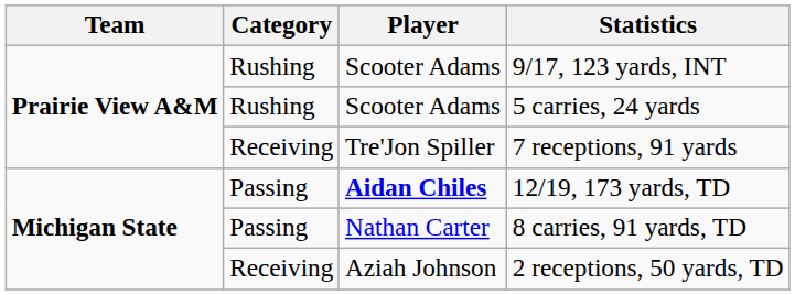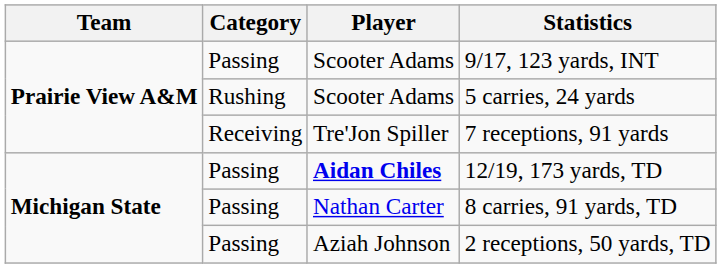 <table class="wikitable" style="float: right;">
 <tr>
 <th>Team</th>
 <th>Category</th>
 <th>Player</th>
 <th>Statistics</th>
 </tr>
 <tr>
 <td rowspan=3><strong>Prairie View A&M</strong></td>
-<td>Rushing</td>
+<td>Passing</td>
 <td>Scooter Adams</td>
 <td>9/17, 123 yards, INT</td>
 </tr>
 <tr>
 <td>Rushing</td>
 <td>Scooter Adams</td>
 <td>5 carries, 24 yards</td>
 </tr>
 <tr>
 <td>Receiving</td>
 <td>Tre'Jon Spiller</td>
 <td>7 receptions, 91 yards</td>
 </tr>
 <tr>
 <td rowspan=3><strong>Michigan State</strong></td>
 <td>Passing</td>
 <td><strong><a href='#'>Aidan Chiles</a></strong></td>
 <td>12/19, 173 yards, TD</td>
 </tr>
 <tr>
 <td>Passing</td>
 <td><a href='#'>Nathan Carter</a></td>
 <td>8 carries, 91 yards, TD</td>
 </tr>
 <tr>
-<td>Receiving</td>
+<td>Passing</td>
 <td>Aziah Johnson</td>
 <td>2 receptions, 50 yards, TD</td>
 </tr>
 </table>
